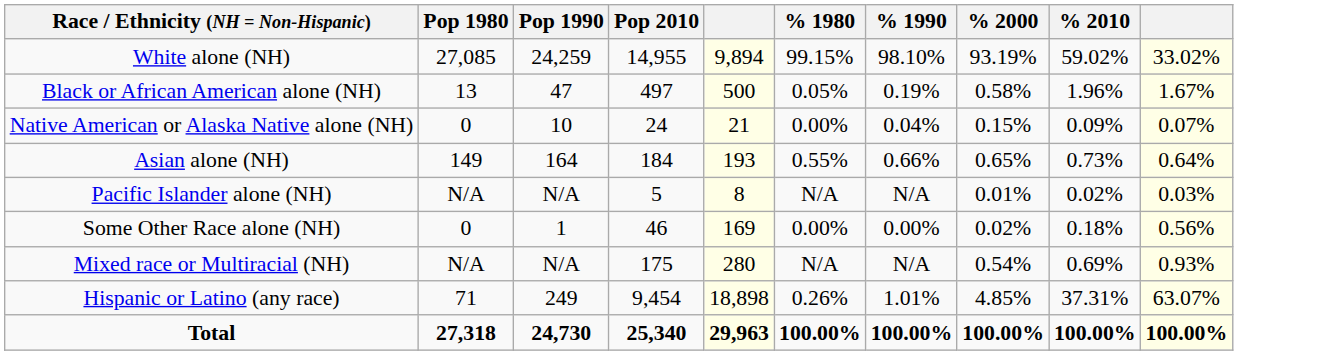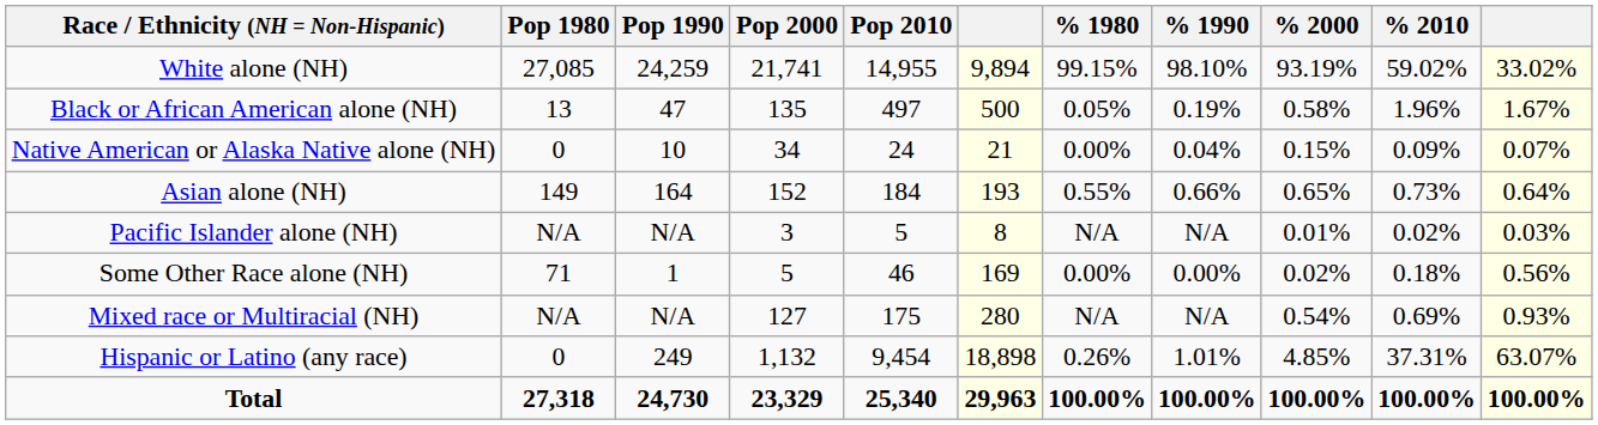 <table class="wikitable" style="text-align:center;">
 <tr>
 <th>Race / Ethnicity <small>(<em>NH = Non-Hispanic</em>)</small></th>
 <th>Pop 1980</th>
 <th>Pop 1990</th>
+<th>Pop 2000</th>
 <th>Pop 2010</th>
 <th></th>
 <th>% 1980</th>
 <th>% 1990</th>
 <th>% 2000</th>
 <th>% 2010</th>
 <th></th>
 </tr>
 <tr>
 <td><a href='#'>White</a> alone (NH)</td>
 <td>27,085</td>
 <td>24,259</td>
+<td>21,741</td>
 <td>14,955</td>
 <td style='background: #ffffe6;'>9,894</td>
 <td>99.15%</td>
 <td>98.10%</td>
 <td>93.19%</td>
 <td>59.02%</td>
 <td style='background: #ffffe6;'>33.02%</td>
 </tr>
 <tr>
 <td><a href='#'>Black or African American</a> alone (NH)</td>
 <td>13</td>
 <td>47</td>
+<td>135</td>
 <td>497</td>
 <td style='background: #ffffe6;'>500</td>
 <td>0.05%</td>
 <td>0.19%</td>
 <td>0.58%</td>
 <td>1.96%</td>
 <td style='background: #ffffe6;'>1.67%</td>
 </tr>
 <tr>
 <td><a href='#'>Native American</a> or <a href='#'>Alaska Native</a> alone (NH)</td>
 <td>0</td>
 <td>10</td>
+<td>34</td>
 <td>24</td>
 <td style='background: #ffffe6;'>21</td>
 <td>0.00%</td>
 <td>0.04%</td>
 <td>0.15%</td>
 <td>0.09%</td>
 <td style='background: #ffffe6;'>0.07%</td>
 </tr>
 <tr>
 <td><a href='#'>Asian</a> alone (NH)</td>
 <td>149</td>
 <td>164</td>
+<td>152</td>
 <td>184</td>
 <td style='background: #ffffe6;'>193</td>
 <td>0.55%</td>
 <td>0.66%</td>
 <td>0.65%</td>
 <td>0.73%</td>
 <td style='background: #ffffe6;'>0.64%</td>
 </tr>
 <tr>
 <td><a href='#'>Pacific Islander</a> alone (NH)</td>
 <td>N/A</td>
 <td>N/A</td>
+<td>3</td>
 <td>5</td>
 <td style='background: #ffffe6;'>8</td>
 <td>N/A</td>
 <td>N/A</td>
 <td>0.01%</td>
 <td>0.02%</td>
 <td style='background: #ffffe6;'>0.03%</td>
 </tr>
 <tr>
 <td>Some Other Race alone (NH)</td>
-<td>0</td>
+<td>71</td>
 <td>1</td>
+<td>5</td>
 <td>46</td>
 <td style='background: #ffffe6;'>169</td>
 <td>0.00%</td>
 <td>0.00%</td>
 <td>0.02%</td>
 <td>0.18%</td>
 <td style='background: #ffffe6;'>0.56%</td>
 </tr>
 <tr>
 <td><a href='#'>Mixed race or Multiracial</a> (NH)</td>
 <td>N/A</td>
 <td>N/A</td>
+<td>127</td>
 <td>175</td>
 <td style='background: #ffffe6;'>280</td>
 <td>N/A</td>
 <td>N/A</td>
 <td>0.54%</td>
 <td>0.69%</td>
 <td style='background: #ffffe6;'>0.93%</td>
 </tr>
 <tr>
 <td><a href='#'>Hispanic or Latino</a> (any race)</td>
-<td>71</td>
+<td>0</td>
 <td>249</td>
+<td>1,132</td>
 <td>9,454</td>
 <td style='background: #ffffe6;'>18,898</td>
 <td>0.26%</td>
 <td>1.01%</td>
 <td>4.85%</td>
 <td>37.31%</td>
 <td style='background: #ffffe6;'>63.07%</td>
 </tr>
 <tr>
 <td><strong>Total</strong></td>
 <td><strong>27,318</strong></td>
 <td><strong>24,730</strong></td>
+<td><strong>23,329</strong></td>
 <td><strong>25,340</strong></td>
 <td style='background: #ffffe6;'><strong>29,963</strong></td>
 <td><strong>100.00%</strong></td>
 <td><strong>100.00%</strong></td>
 <td><strong>100.00%</strong></td>
 <td><strong>100.00%</strong></td>
 <td style='background: #ffffe6;'><strong>100.00%</strong></td>
 </tr>
 </table>
